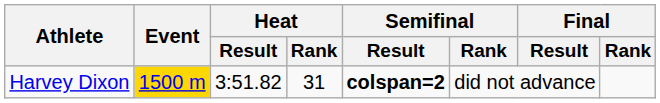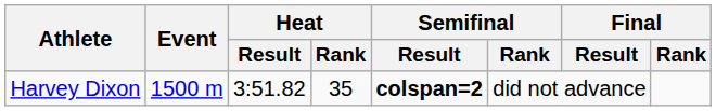 <table class="wikitable" style="font-size:90%">
 <tr>
 <th rowspan=2>Athlete</th>
 <th rowspan=2>Event</th>
 <th colspan=2>Heat</th>
 <th colspan=2>Semifinal</th>
 <th colspan=2>Final</th>
 </tr>
 <tr style="font-size:95%">
 <th>Result</th>
 <th>Rank</th>
 <th>Result</th>
 <th>Rank</th>
 <th>Result</th>
 <th>Rank</th>
 </tr>
 <tr align=center>
 <td align=left><a href='#'>Harvey Dixon</a></td>
-<td style="background: gold; text-align:left;"><a href='#'>1500 m</a></td>
+<td style="text-align:left;"><a href='#'>1500 m</a></td>
 <td>3:51.82</td>
-<td>31</td>
+<td>35</td>
 <td><strong>colspan=2 </strong></td>
 <td colspan=2>did not advance</td>
 </tr>
 </table>
